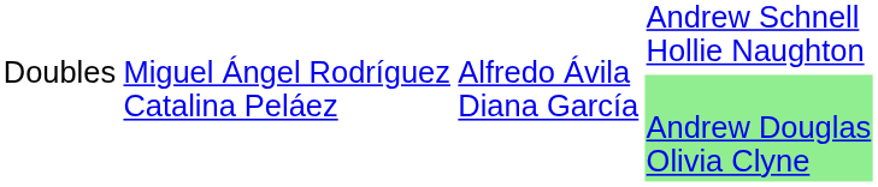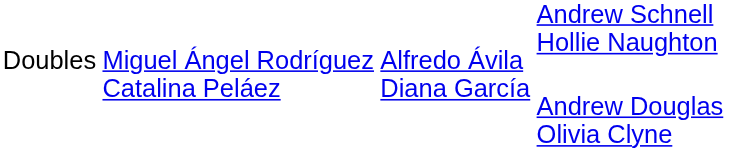 <table>
 <tr>
 <td rowspan=2>Doubles<br></td>
 <td rowspan=2><br><a href='#'>Miguel Ángel Rodríguez</a><br><a href='#'>Catalina Peláez</a></td>
 <td rowspan=2><br><a href='#'>Alfredo Ávila</a><br><a href='#'>Diana García</a></td>
 <td><br><a href='#'>Andrew Schnell</a><br><a href='#'>Hollie Naughton</a></td>
 </tr>
 <tr>
-<td style="background: lightgreen;"><br><a href='#'>Andrew Douglas</a><br><a href='#'>Olivia Clyne</a></td>
+<td><br><a href='#'>Andrew Douglas</a><br><a href='#'>Olivia Clyne</a></td>
 </tr>
 </table>
